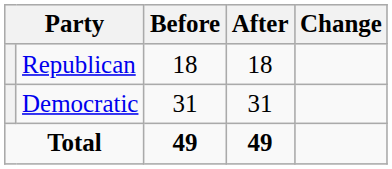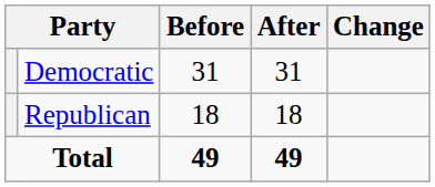 <table class="wikitable" style="text-align:center;">
 <tr>
 <th colspan="2">Party</th>
 <th>Before</th>
 <th>After</th>
 <th>Change</th>
 </tr>
 <tr>
 <th style="background-color:"></th>
-<td style="text-align:left;"><a href='#'>Republican</a></td>
-<td>18</td>
-<td>18</td>
+<td style="text-align:left;"><a href='#'>Democratic</a></td>
+<td>31</td>
+<td>31</td>
 <td></td>
 </tr>
 <tr>
 <th style="background-color:"></th>
-<td style="text-align:left;"><a href='#'>Democratic</a></td>
-<td>31</td>
-<td>31</td>
+<td style="text-align:left;"><a href='#'>Republican</a></td>
+<td>18</td>
+<td>18</td>
 <td></td>
 </tr>
 <tr>
 <td colspan="2"><strong>Total</strong></td>
 <td><strong>49</strong></td>
 <td><strong>49</strong></td>
 <td></td>
 </tr>
 </table>
